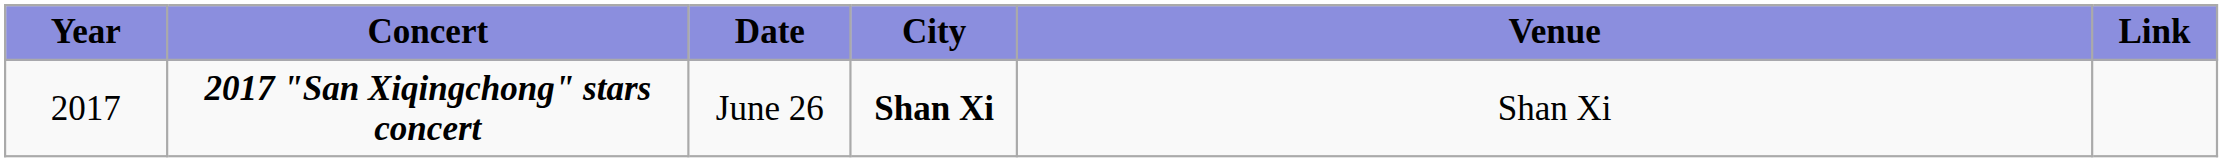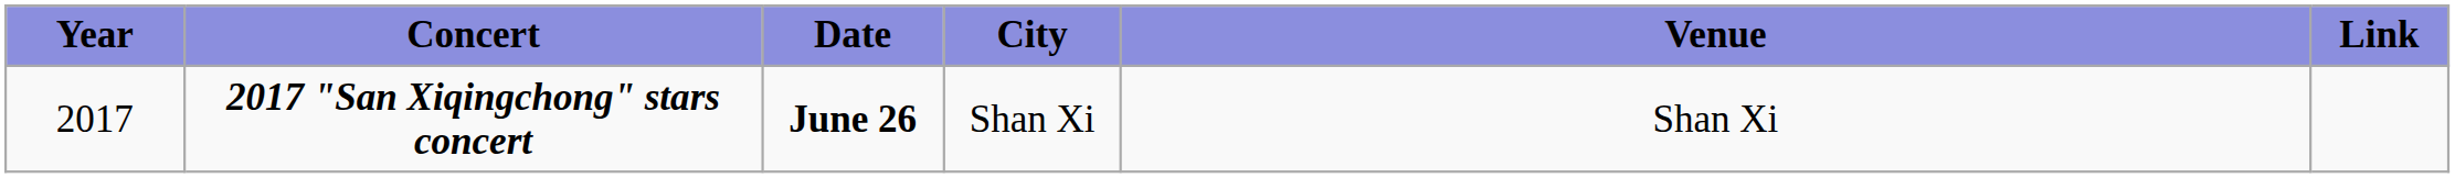 <table class="wikitable sortable mw-collapsible" width="80%" style="text-align:center">
 <tr align="center" style="background:#8B8EDE">
 <td style="width:2%"><strong>Year</strong></td>
 <td style="width:8%"><strong>Concert</strong></td>
 <td style="width:2%"><strong>Date</strong></td>
 <td style="width:2%"><strong>City</strong></td>
 <td style="width:18%"><strong>Venue</strong></td>
 <td style="width:1%"><strong>Link</strong></td>
 </tr>
 <tr>
 <td rowspan="2">2017</td>
 <td rowspan="2"><strong><em>2017 "San Xiqingchong" stars concert</em></strong></td>
-<td>June 26</td>
-<td><strong>Shan Xi</strong></td>
+<td><strong>June 26</strong></td>
+<td>Shan Xi</td>
 <td>Shan Xi</td>
 <td></td>
 </tr>
 </table>
